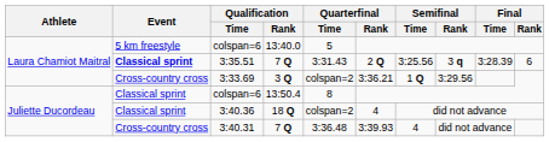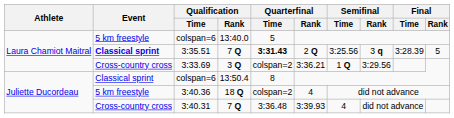 <table class="wikitable" style="font-size:90%">
 <tr>
 <th rowspan="2">Athlete</th>
 <th rowspan="2">Event</th>
 <th colspan="2">Qualification</th>
 <th colspan="2">Quarterfinal</th>
 <th colspan="2">Semifinal</th>
 <th colspan="2">Final</th>
 </tr>
 <tr style="font-size:95%">
 <th>Time</th>
 <th>Rank</th>
 <th>Time</th>
 <th>Rank</th>
 <th>Time</th>
 <th>Rank</th>
 <th>Time</th>
 <th>Rank</th>
 </tr>
 <tr align=center>
 <td align=left rowspan=3><a href='#'>Laura Chamiot Maitral</a></td>
 <td align=left><a href='#'>5 km freestyle</a></td>
 <td>colspan=6 </td>
 <td>13:40.0</td>
 <td>5</td>
 </tr>
 <tr align=center>
 <td align=left><strong><a href='#'>Classical sprint</a></strong></td>
 <td>3:35.51</td>
 <td>7 <strong>Q</strong></td>
-<td>3:31.43</td>
+<td><strong>3:31.43</strong></td>
 <td>2 <strong>Q</strong></td>
 <td>3:25.56</td>
 <td>3 <strong>q</strong></td>
 <td>3:28.39</td>
-<td>6</td>
+<td>5</td>
 </tr>
 <tr align=center>
 <td align=left><a href='#'>Cross-country cross</a></td>
 <td>3:33.69</td>
 <td>3 <strong>Q</strong></td>
 <td>colspan=2 </td>
 <td>3:36.21</td>
 <td>1 <strong>Q</strong></td>
 <td>3:29.56</td>
 <td></td>
 </tr>
 <tr align=center>
 <td align=left rowspan=3><a href='#'>Juliette Ducordeau</a></td>
 <td align=left><a href='#'>Classical sprint</a></td>
 <td>colspan=6 </td>
 <td>13:50.4</td>
 <td>8</td>
 </tr>
 <tr align=center>
-<td align=left><a href='#'>Classical sprint</a></td>
+<td align=left><a href='#'>5 km freestyle</a></td>
 <td>3:40.36</td>
 <td>18 <strong>Q</strong></td>
 <td>colspan=2 </td>
 <td>4</td>
 <td colspan=4>did not advance</td>
 </tr>
 <tr align=center>
 <td align=left><a href='#'>Cross-country cross</a></td>
 <td>3:40.31</td>
 <td>7 <strong>Q</strong></td>
 <td>3:36.48</td>
 <td>3:39.93</td>
 <td>4</td>
 <td colspan=2>did not advance</td>
 </tr>
 </table>
